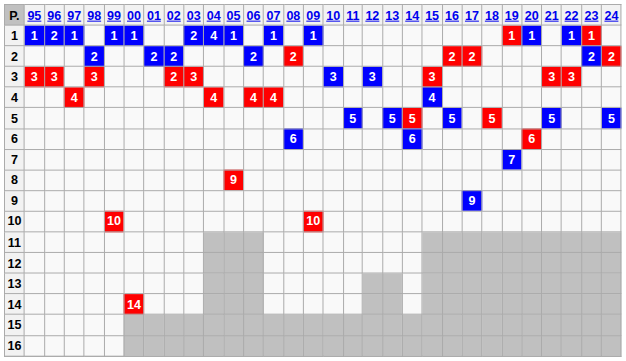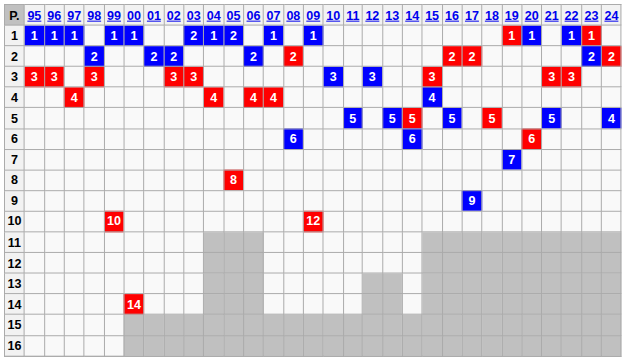 <table class="wikitable" style="text-align: center; font-size:80%">
 <tr>
 <th style="background:#c0c0c0">P.</th>
 <th><strong><a href='#'>95</a></strong></th>
 <th><strong><a href='#'>96</a></strong></th>
 <th><strong><a href='#'>97</a></strong></th>
 <th><strong><a href='#'>98</a></strong></th>
 <th><strong><a href='#'>99</a></strong></th>
 <th><strong><a href='#'>00</a></strong></th>
 <th><strong><a href='#'>01</a></strong></th>
 <th><strong><a href='#'>02</a></strong></th>
 <th><strong><a href='#'>03</a></strong></th>
 <th><strong><a href='#'>04</a></strong></th>
 <th><strong><a href='#'>05</a></strong></th>
 <th><strong><a href='#'>06</a></strong></th>
 <th><strong><a href='#'>07</a></strong></th>
 <th><strong><a href='#'>08</a></strong></th>
 <th><strong><a href='#'>09</a></strong></th>
 <th><strong><a href='#'>10</a></strong></th>
 <th><strong><a href='#'>11</a></strong></th>
 <th><strong><a href='#'>12</a></strong></th>
 <th><strong><a href='#'>13</a></strong></th>
 <th><strong><a href='#'>14</a></strong></th>
 <th><strong><a href='#'>15</a></strong></th>
 <th><strong><a href='#'>16</a></strong></th>
 <th><strong><a href='#'>17</a></strong></th>
 <th><strong><a href='#'>18</a></strong></th>
 <th><strong><a href='#'>19</a></strong></th>
 <th><strong><a href='#'>20</a></strong></th>
 <th><strong><a href='#'>21</a></strong></th>
 <th><strong><a href='#'>22</a></strong></th>
 <th><strong><a href='#'>23</a></strong></th>
 <th><strong><a href='#'>24</a></strong></th>
 </tr>
 <tr>
 <th>1</th>
 <td style="background-color:#0000FF;color:white;"><strong>1</strong></td>
-<td style="background-color:#0000FF;color:white;"><strong>2</strong></td>
+<td style="background-color:#0000FF;color:white;"><strong>1</strong></td>
 <td style="background-color:#0000FF;color:white;"><strong>1</strong></td>
 <td></td>
 <td style="background-color:#0000FF;color:white;"><strong>1</strong></td>
 <td style="background-color:#0000FF;color:white;"><strong>1</strong></td>
 <td></td>
 <td></td>
 <td style="background-color:#0000FF;color:white;"><strong>2</strong></td>
-<td style="background-color:#0000FF;color:white;"><strong>4</strong></td>
 <td style="background-color:#0000FF;color:white;"><strong>1</strong></td>
+<td style="background-color:#0000FF;color:white;"><strong>2</strong></td>
 <td></td>
 <td style="background-color:#0000FF;color:white;"><strong>1</strong></td>
 <td></td>
 <td style="background-color:#0000FF;color:white;"><strong>1</strong></td>
 <td></td>
 <td></td>
 <td></td>
 <td></td>
 <td></td>
 <td></td>
 <td></td>
 <td></td>
 <td></td>
 <td style="background-color:#FF0000;color:white;"><strong>1</strong></td>
 <td style="background-color:#0000FF;color:white;"><strong>1</strong></td>
 <td></td>
 <td style="background-color:#0000FF;color:white;"><strong>1</strong></td>
 <td style="background-color:#FF0000;color:white;"><strong>1</strong></td>
 <td></td>
 </tr>
 <tr>
 <th>2</th>
 <td></td>
 <td></td>
 <td></td>
 <td style="background-color:#0000FF;color:white;"><strong>2</strong></td>
 <td></td>
 <td></td>
 <td style="background-color:#0000FF;color:white;"><strong>2</strong></td>
 <td style="background-color:#0000FF;color:white;"><strong>2</strong></td>
 <td></td>
 <td></td>
 <td></td>
 <td style="background-color:#0000FF;color:white;"><strong>2</strong></td>
 <td></td>
 <td style="background-color:#FF0000;color:white;"><strong>2</strong></td>
 <td></td>
 <td></td>
 <td></td>
 <td></td>
 <td></td>
 <td></td>
 <td></td>
 <td style="background-color:#FF0000;color:white;"><strong>2</strong></td>
 <td style="background-color:#FF0000;color:white;"><strong>2</strong></td>
 <td></td>
 <td></td>
 <td></td>
 <td></td>
 <td></td>
 <td style="background-color:#0000FF;color:white;"><strong>2</strong></td>
 <td style="background-color:#FF0000;color:white;"><strong>2</strong></td>
 </tr>
 <tr>
 <th>3</th>
 <td style="background-color:#FF0000;color:white;"><strong>3</strong></td>
 <td style="background-color:#FF0000;color:white;"><strong>3</strong></td>
 <td></td>
 <td style="background-color:#FF0000;color:white;"><strong>3</strong></td>
 <td></td>
 <td></td>
 <td></td>
-<td style="background-color:#FF0000;color:white;"><strong>2</strong></td>
+<td style="background-color:#FF0000;color:white;"><strong>3</strong></td>
 <td style="background-color:#FF0000;color:white;"><strong>3</strong></td>
 <td></td>
 <td></td>
 <td></td>
 <td></td>
 <td></td>
 <td></td>
 <td style="background-color:#0000FF;color:white;"><strong>3</strong></td>
 <td></td>
 <td style="background-color:#0000FF;color:white;"><strong>3</strong></td>
 <td></td>
 <td></td>
 <td style="background-color:#FF0000;color:white;"><strong>3</strong></td>
 <td></td>
 <td></td>
 <td></td>
 <td></td>
 <td></td>
 <td style="background-color:#FF0000;color:white;"><strong>3</strong></td>
 <td style="background-color:#FF0000;color:white;"><strong>3</strong></td>
 <td></td>
 <td></td>
 </tr>
 <tr>
 <th>4</th>
 <td></td>
 <td></td>
 <td style="background-color:#FF0000;color:white;"><strong>4</strong></td>
 <td></td>
 <td></td>
 <td></td>
 <td></td>
 <td></td>
 <td></td>
 <td style="background-color:#FF0000;color:white;"><strong>4</strong></td>
 <td></td>
 <td style="background-color:#FF0000;color:white;"><strong>4</strong></td>
 <td style="background-color:#FF0000;color:white;"><strong>4</strong></td>
 <td></td>
 <td></td>
 <td></td>
 <td></td>
 <td></td>
 <td></td>
 <td></td>
 <td style="background-color:#0000FF;color:white;"><strong>4</strong></td>
 <td></td>
 <td></td>
 <td></td>
 <td></td>
 <td></td>
 <td></td>
 <td></td>
 <td></td>
 <td></td>
 </tr>
 <tr>
 <th>5</th>
 <td></td>
 <td></td>
 <td></td>
 <td></td>
 <td></td>
 <td></td>
 <td></td>
 <td></td>
 <td></td>
 <td></td>
 <td></td>
 <td></td>
 <td></td>
 <td></td>
 <td></td>
 <td></td>
 <td style="background-color:#0000FF;color:white;"><strong>5</strong></td>
 <td></td>
 <td style="background-color:#0000FF;color:white;"><strong>5</strong></td>
 <td style="background-color:#FF0000;color:white;"><strong>5</strong></td>
 <td></td>
 <td style="background-color:#0000FF;color:white;"><strong>5</strong></td>
 <td></td>
 <td style="background-color:#FF0000;color:white;"><strong>5</strong></td>
 <td></td>
 <td></td>
 <td style="background-color:#0000FF;color:white;"><strong>5</strong></td>
 <td></td>
 <td></td>
-<td style="background-color:#0000FF;color:white;"><strong>5</strong></td>
+<td style="background-color:#0000FF;color:white;"><strong>4</strong></td>
 </tr>
 <tr>
 <th>6</th>
 <td></td>
 <td></td>
 <td></td>
 <td></td>
 <td></td>
 <td></td>
 <td></td>
 <td></td>
 <td></td>
 <td></td>
 <td></td>
 <td></td>
 <td></td>
 <td style="background-color:#0000FF;color:white;"><strong>6</strong></td>
 <td></td>
 <td></td>
 <td></td>
 <td></td>
 <td></td>
 <td style="background-color:#0000FF;color:white;"><strong>6</strong></td>
 <td></td>
 <td></td>
 <td></td>
 <td></td>
 <td></td>
 <td style="background-color:#FF0000;color:white;"><strong>6</strong></td>
 <td></td>
 <td></td>
 <td></td>
 <td></td>
 </tr>
 <tr>
 <th>7</th>
 <td></td>
 <td></td>
 <td></td>
 <td></td>
 <td></td>
 <td></td>
 <td></td>
 <td></td>
 <td></td>
 <td></td>
 <td></td>
 <td></td>
 <td></td>
 <td></td>
 <td></td>
 <td></td>
 <td></td>
 <td></td>
 <td></td>
 <td></td>
 <td></td>
 <td></td>
 <td></td>
 <td></td>
 <td style="background-color:#0000FF;color:white;"><strong>7</strong></td>
 <td></td>
 <td></td>
 <td></td>
 <td></td>
 <td></td>
 </tr>
 <tr>
 <th>8</th>
 <td></td>
 <td></td>
 <td></td>
 <td></td>
 <td></td>
 <td></td>
 <td></td>
 <td></td>
 <td></td>
 <td></td>
-<td style="background-color:#FF0000;color:white;"><strong>9</strong></td>
+<td style="background-color:#FF0000;color:white;"><strong>8</strong></td>
 <td></td>
 <td></td>
 <td></td>
 <td></td>
 <td></td>
 <td></td>
 <td></td>
 <td></td>
 <td></td>
 <td></td>
 <td></td>
 <td></td>
 <td></td>
 <td></td>
 <td></td>
 <td></td>
 <td></td>
 <td></td>
 <td></td>
 </tr>
 <tr>
 <th>9</th>
 <td></td>
 <td></td>
 <td></td>
 <td></td>
 <td></td>
 <td></td>
 <td></td>
 <td></td>
 <td></td>
 <td></td>
 <td></td>
 <td></td>
 <td></td>
 <td></td>
 <td></td>
 <td></td>
 <td></td>
 <td></td>
 <td></td>
 <td></td>
 <td></td>
 <td></td>
 <td style="background-color:#0000FF;color:white;"><strong>9</strong></td>
 <td></td>
 <td></td>
 <td></td>
 <td></td>
 <td></td>
 <td></td>
 <td></td>
 </tr>
 <tr>
 <th>10</th>
 <td></td>
 <td></td>
 <td></td>
 <td></td>
 <td style="background-color:#FF0000;color:white;"><strong>10</strong></td>
 <td></td>
 <td></td>
 <td></td>
 <td></td>
 <td></td>
 <td></td>
 <td></td>
 <td></td>
 <td></td>
-<td style="background-color:#FF0000;color:white;"><strong>10</strong></td>
+<td style="background-color:#FF0000;color:white;"><strong>12</strong></td>
 <td></td>
 <td></td>
 <td></td>
 <td></td>
 <td></td>
 <td></td>
 <td></td>
 <td></td>
 <td></td>
 <td></td>
 <td></td>
 <td></td>
 <td></td>
 <td></td>
 <td></td>
 </tr>
 <tr>
 <th>11</th>
 <td></td>
 <td></td>
 <td></td>
 <td></td>
 <td></td>
 <td></td>
 <td></td>
 <td></td>
 <td></td>
 <td style="background:#c0c0c0"></td>
 <td style="background:#c0c0c0"></td>
 <td style="background:#c0c0c0"></td>
 <td></td>
 <td></td>
 <td></td>
 <td></td>
 <td></td>
 <td></td>
 <td></td>
 <td></td>
 <td style="background:#c0c0c0"></td>
 <td style="background:#c0c0c0"></td>
 <td style="background:#c0c0c0"></td>
 <td style="background:#c0c0c0"></td>
 <td style="background:#c0c0c0"></td>
 <td style="background:#c0c0c0"></td>
 <td style="background:#c0c0c0"></td>
 <td style="background:#c0c0c0"></td>
 <td style="background:#c0c0c0"></td>
 <td style="background:#c0c0c0"></td>
 </tr>
 <tr>
 <th>12</th>
 <td></td>
 <td></td>
 <td></td>
 <td></td>
 <td></td>
 <td></td>
 <td></td>
 <td></td>
 <td></td>
 <td style="background:#c0c0c0"></td>
 <td style="background:#c0c0c0"></td>
 <td style="background:#c0c0c0"></td>
 <td></td>
 <td></td>
 <td></td>
 <td></td>
 <td></td>
 <td></td>
 <td></td>
 <td></td>
 <td style="background:#c0c0c0"></td>
 <td style="background:#c0c0c0"></td>
 <td style="background:#c0c0c0"></td>
 <td style="background:#c0c0c0"></td>
 <td style="background:#c0c0c0"></td>
 <td style="background:#c0c0c0"></td>
 <td style="background:#c0c0c0"></td>
 <td style="background:#c0c0c0"></td>
 <td style="background:#c0c0c0"></td>
 <td style="background:#c0c0c0"></td>
 </tr>
 <tr>
 <th>13</th>
 <td></td>
 <td></td>
 <td></td>
 <td></td>
 <td></td>
 <td></td>
 <td></td>
 <td></td>
 <td></td>
 <td style="background:#c0c0c0"></td>
 <td style="background:#c0c0c0"></td>
 <td style="background:#c0c0c0"></td>
 <td></td>
 <td></td>
 <td></td>
 <td></td>
 <td></td>
 <td style="background:#c0c0c0"></td>
 <td style="background:#c0c0c0"></td>
 <td></td>
 <td style="background:#c0c0c0"></td>
 <td style="background:#c0c0c0"></td>
 <td style="background:#c0c0c0"></td>
 <td style="background:#c0c0c0"></td>
 <td style="background:#c0c0c0"></td>
 <td style="background:#c0c0c0"></td>
 <td style="background:#c0c0c0"></td>
 <td style="background:#c0c0c0"></td>
 <td style="background:#c0c0c0"></td>
 <td style="background:#c0c0c0"></td>
 </tr>
 <tr>
 <th>14</th>
 <td></td>
 <td></td>
 <td></td>
 <td></td>
 <td></td>
 <td style="background-color:#FF0000;color:white;"><strong>14</strong></td>
 <td></td>
 <td></td>
 <td></td>
 <td style="background:#c0c0c0"></td>
 <td style="background:#c0c0c0"></td>
 <td style="background:#c0c0c0"></td>
 <td></td>
 <td></td>
 <td></td>
 <td></td>
 <td></td>
 <td style="background:#c0c0c0"></td>
 <td style="background:#c0c0c0"></td>
 <td></td>
 <td style="background:#c0c0c0"></td>
 <td style="background:#c0c0c0"></td>
 <td style="background:#c0c0c0"></td>
 <td style="background:#c0c0c0"></td>
 <td style="background:#c0c0c0"></td>
 <td style="background:#c0c0c0"></td>
 <td style="background:#c0c0c0"></td>
 <td style="background:#c0c0c0"></td>
 <td style="background:#c0c0c0"></td>
 <td style="background:#c0c0c0"></td>
 </tr>
 <tr>
 <th>15</th>
 <td></td>
 <td></td>
 <td></td>
 <td></td>
 <td></td>
 <td style="background:#c0c0c0"></td>
 <td style="background:#c0c0c0"></td>
 <td style="background:#c0c0c0"></td>
 <td style="background:#c0c0c0"></td>
 <td style="background:#c0c0c0"></td>
 <td style="background:#c0c0c0"></td>
 <td style="background:#c0c0c0"></td>
 <td style="background:#c0c0c0"></td>
 <td style="background:#c0c0c0"></td>
 <td style="background:#c0c0c0"></td>
 <td style="background:#c0c0c0"></td>
 <td style="background:#c0c0c0"></td>
 <td style="background:#c0c0c0"></td>
 <td style="background:#c0c0c0"></td>
 <td style="background:#c0c0c0"></td>
 <td style="background:#c0c0c0"></td>
 <td style="background:#c0c0c0"></td>
 <td style="background:#c0c0c0"></td>
 <td style="background:#c0c0c0"></td>
 <td style="background:#c0c0c0"></td>
 <td style="background:#c0c0c0"></td>
 <td style="background:#c0c0c0"></td>
 <td style="background:#c0c0c0"></td>
 <td style="background:#c0c0c0"></td>
 <td style="background:#c0c0c0"></td>
 </tr>
 <tr>
 <th>16</th>
 <td></td>
 <td></td>
 <td></td>
 <td></td>
 <td></td>
 <td style="background:#c0c0c0"></td>
 <td style="background:#c0c0c0"></td>
 <td style="background:#c0c0c0"></td>
 <td style="background:#c0c0c0"></td>
 <td style="background:#c0c0c0"></td>
 <td style="background:#c0c0c0"></td>
 <td style="background:#c0c0c0"></td>
 <td style="background:#c0c0c0"></td>
 <td style="background:#c0c0c0"></td>
 <td style="background:#c0c0c0"></td>
 <td style="background:#c0c0c0"></td>
 <td style="background:#c0c0c0"></td>
 <td style="background:#c0c0c0"></td>
 <td style="background:#c0c0c0"></td>
 <td style="background:#c0c0c0"></td>
 <td style="background:#c0c0c0"></td>
 <td style="background:#c0c0c0"></td>
 <td style="background:#c0c0c0"></td>
 <td style="background:#c0c0c0"></td>
 <td style="background:#c0c0c0"></td>
 <td style="background:#c0c0c0"></td>
 <td style="background:#c0c0c0"></td>
 <td style="background:#c0c0c0"></td>
 <td style="background:#c0c0c0"></td>
 <td style="background:#c0c0c0"></td>
 </tr>
 <tr>
 </tr>
 </table>
